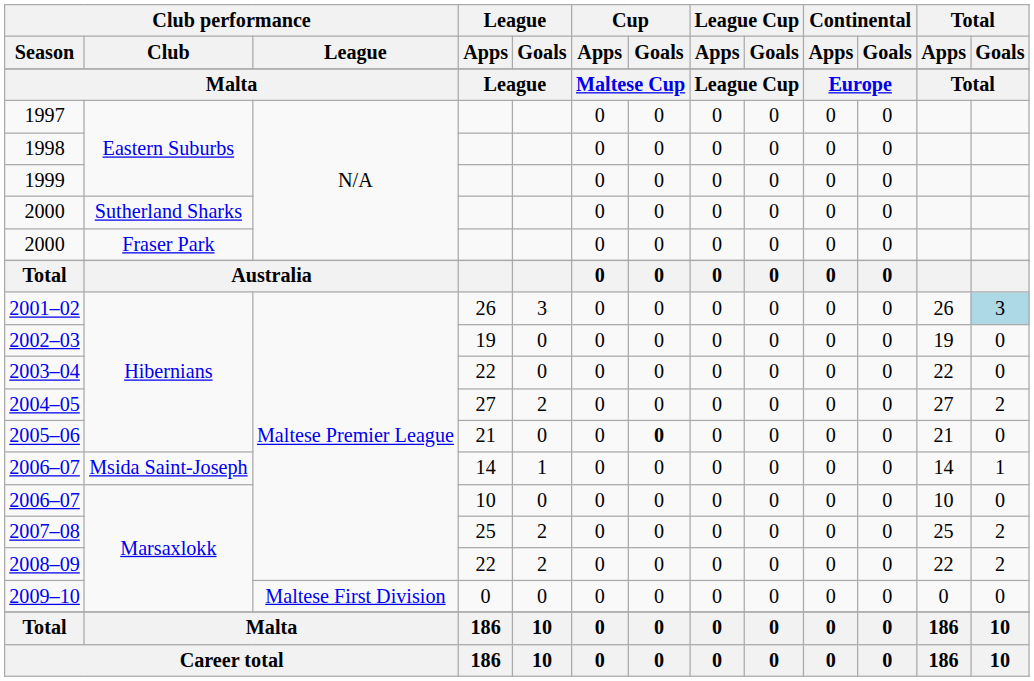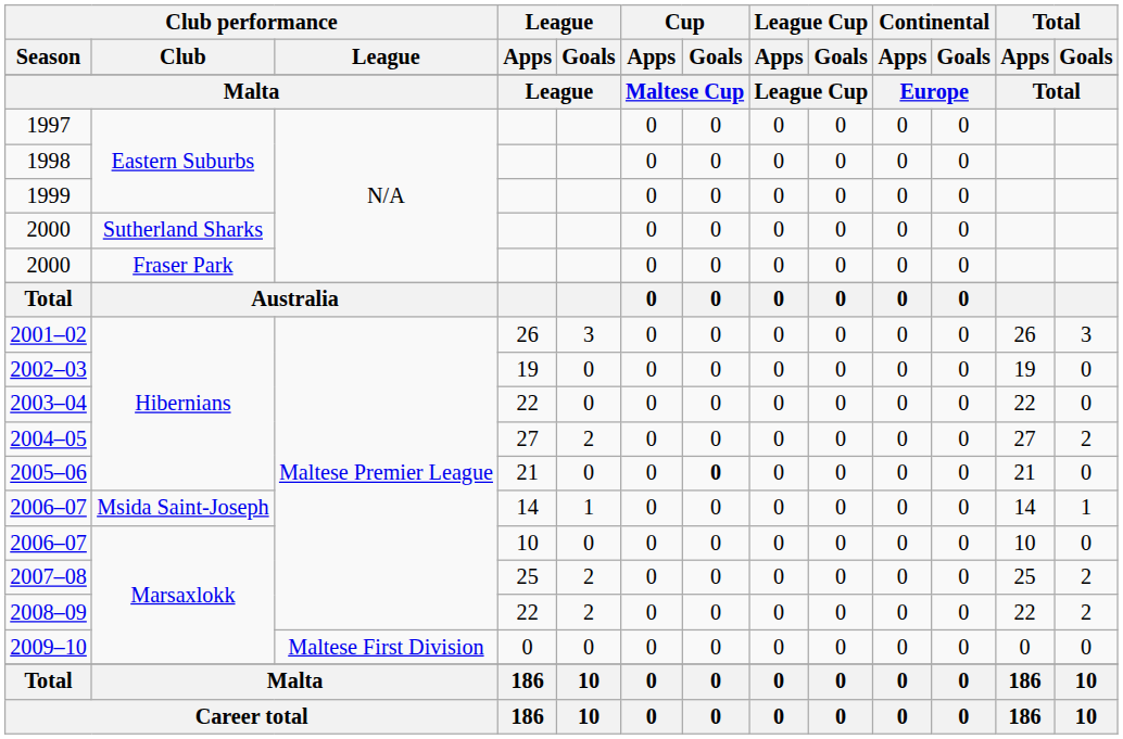 <table class="wikitable" style="text-align:center">
 <tr>
 <th colspan=3>Club performance</th>
 <th colspan=2>League</th>
 <th colspan=2>Cup</th>
 <th colspan=2>League Cup</th>
 <th colspan=2>Continental</th>
 <th colspan=2>Total</th>
 </tr>
 <tr>
 <th>Season</th>
 <th>Club</th>
 <th>League</th>
 <th>Apps</th>
 <th>Goals</th>
 <th>Apps</th>
 <th>Goals</th>
 <th>Apps</th>
 <th>Goals</th>
 <th>Apps</th>
 <th>Goals</th>
 <th>Apps</th>
 <th>Goals</th>
 </tr>
 <tr>
 </tr>
 <tr>
 <th colspan=3>Malta</th>
 <th colspan=2>League</th>
 <th colspan=2><a href='#'>Maltese Cup</a></th>
 <th colspan=2>League Cup</th>
 <th colspan=2><a href='#'>Europe</a></th>
 <th colspan=2>Total</th>
 </tr>
 <tr>
 <td>1997</td>
 <td rowspan="3"><a href='#'>Eastern Suburbs</a></td>
 <td rowspan="5">N/A</td>
 <td></td>
 <td></td>
 <td>0</td>
 <td>0</td>
 <td>0</td>
 <td>0</td>
 <td>0</td>
 <td>0</td>
 <td></td>
 <td></td>
 </tr>
 <tr>
 <td>1998</td>
 <td></td>
 <td></td>
 <td>0</td>
 <td>0</td>
 <td>0</td>
 <td>0</td>
 <td>0</td>
 <td>0</td>
 <td></td>
 <td></td>
 </tr>
 <tr>
 <td>1999</td>
 <td></td>
 <td></td>
 <td>0</td>
 <td>0</td>
 <td>0</td>
 <td>0</td>
 <td>0</td>
 <td>0</td>
 <td></td>
 <td></td>
 </tr>
 <tr>
 <td>2000</td>
 <td rowspan="1"><a href='#'>Sutherland Sharks</a></td>
 <td></td>
 <td></td>
 <td>0</td>
 <td>0</td>
 <td>0</td>
 <td>0</td>
 <td>0</td>
 <td>0</td>
 <td></td>
 <td></td>
 </tr>
 <tr>
 <td>2000</td>
 <td rowspan="1"><a href='#'>Fraser Park</a></td>
 <td></td>
 <td></td>
 <td>0</td>
 <td>0</td>
 <td>0</td>
 <td>0</td>
 <td>0</td>
 <td>0</td>
 <td></td>
 <td></td>
 </tr>
 <tr>
 </tr>
 <tr>
 <th rowspan=1>Total</th>
 <th colspan=2>Australia</th>
 <th></th>
 <th></th>
 <th>0</th>
 <th>0</th>
 <th>0</th>
 <th>0</th>
 <th>0</th>
 <th>0</th>
 <th></th>
 <th></th>
 </tr>
 <tr>
 <td><a href='#'>2001–02</a></td>
 <td rowspan="5"><a href='#'>Hibernians</a></td>
 <td rowspan="9"><a href='#'>Maltese Premier League</a></td>
 <td>26</td>
 <td>3</td>
 <td>0</td>
 <td>0</td>
 <td>0</td>
 <td>0</td>
 <td>0</td>
 <td>0</td>
 <td>26</td>
-<td style="background: lightblue;">3</td>
+<td>3</td>
 </tr>
 <tr>
 <td><a href='#'>2002–03</a></td>
 <td>19</td>
 <td>0</td>
 <td>0</td>
 <td>0</td>
 <td>0</td>
 <td>0</td>
 <td>0</td>
 <td>0</td>
 <td>19</td>
 <td>0</td>
 </tr>
 <tr>
 <td><a href='#'>2003–04</a></td>
 <td>22</td>
 <td>0</td>
 <td>0</td>
 <td>0</td>
 <td>0</td>
 <td>0</td>
 <td>0</td>
 <td>0</td>
 <td>22</td>
 <td>0</td>
 </tr>
 <tr>
 <td><a href='#'>2004–05</a></td>
 <td>27</td>
 <td>2</td>
 <td>0</td>
 <td>0</td>
 <td>0</td>
 <td>0</td>
 <td>0</td>
 <td>0</td>
 <td>27</td>
 <td>2</td>
 </tr>
 <tr>
 <td><a href='#'>2005–06</a></td>
 <td>21</td>
 <td>0</td>
 <td>0</td>
 <td><strong>0</strong></td>
 <td>0</td>
 <td>0</td>
 <td>0</td>
 <td>0</td>
 <td>21</td>
 <td>0</td>
 </tr>
 <tr>
 <td><a href='#'>2006–07</a></td>
 <td rowspan="1"><a href='#'>Msida Saint-Joseph</a></td>
 <td>14</td>
 <td>1</td>
 <td>0</td>
 <td>0</td>
 <td>0</td>
 <td>0</td>
 <td>0</td>
 <td>0</td>
 <td>14</td>
 <td>1</td>
 </tr>
 <tr>
 <td><a href='#'>2006–07</a></td>
 <td rowspan="4"><a href='#'>Marsaxlokk</a></td>
 <td>10</td>
 <td>0</td>
 <td>0</td>
 <td>0</td>
 <td>0</td>
 <td>0</td>
 <td>0</td>
 <td>0</td>
 <td>10</td>
 <td>0</td>
 </tr>
 <tr>
 <td><a href='#'>2007–08</a></td>
 <td>25</td>
 <td>2</td>
 <td>0</td>
 <td>0</td>
 <td>0</td>
 <td>0</td>
 <td>0</td>
 <td>0</td>
 <td>25</td>
 <td>2</td>
 </tr>
 <tr>
 <td><a href='#'>2008–09</a></td>
 <td>22</td>
 <td>2</td>
 <td>0</td>
 <td>0</td>
 <td>0</td>
 <td>0</td>
 <td>0</td>
 <td>0</td>
 <td>22</td>
 <td>2</td>
 </tr>
 <tr>
 <td><a href='#'>2009–10</a></td>
 <td rowspan="1"><a href='#'>Maltese First Division</a></td>
 <td>0</td>
 <td>0</td>
 <td>0</td>
 <td>0</td>
 <td>0</td>
 <td>0</td>
 <td>0</td>
 <td>0</td>
 <td>0</td>
 <td>0</td>
 </tr>
 <tr>
 </tr>
 <tr>
 <th rowspan=1>Total</th>
 <th colspan=2>Malta</th>
 <th>186</th>
 <th>10</th>
 <th>0</th>
 <th>0</th>
 <th>0</th>
 <th>0</th>
 <th>0</th>
 <th>0</th>
 <th>186</th>
 <th>10</th>
 </tr>
 <tr>
 <th colspan=3>Career total</th>
 <th>186</th>
 <th>10</th>
 <th>0</th>
 <th>0</th>
 <th>0</th>
 <th>0</th>
 <th>0</th>
 <th>0</th>
 <th>186</th>
 <th>10</th>
 </tr>
 </table>
